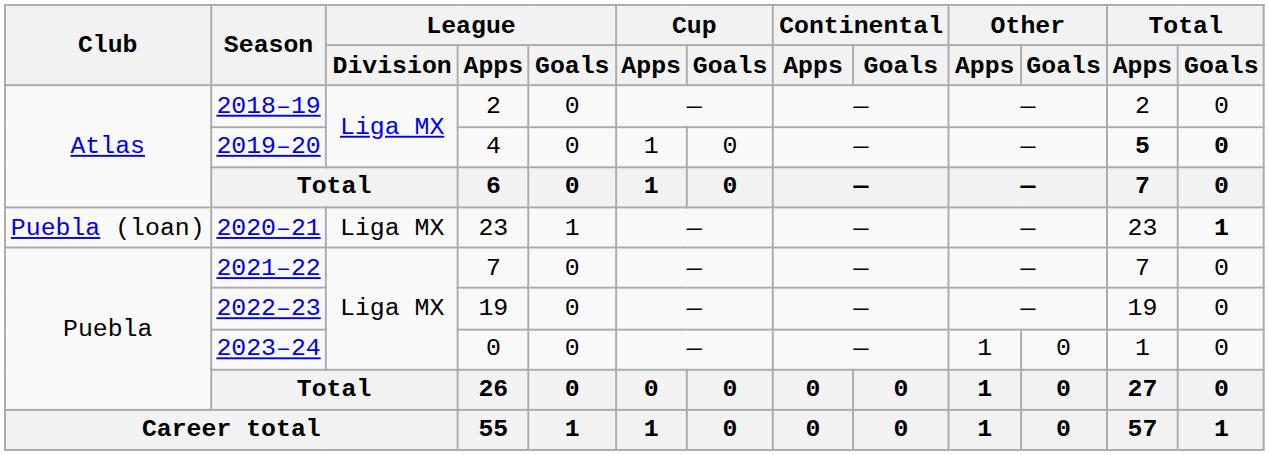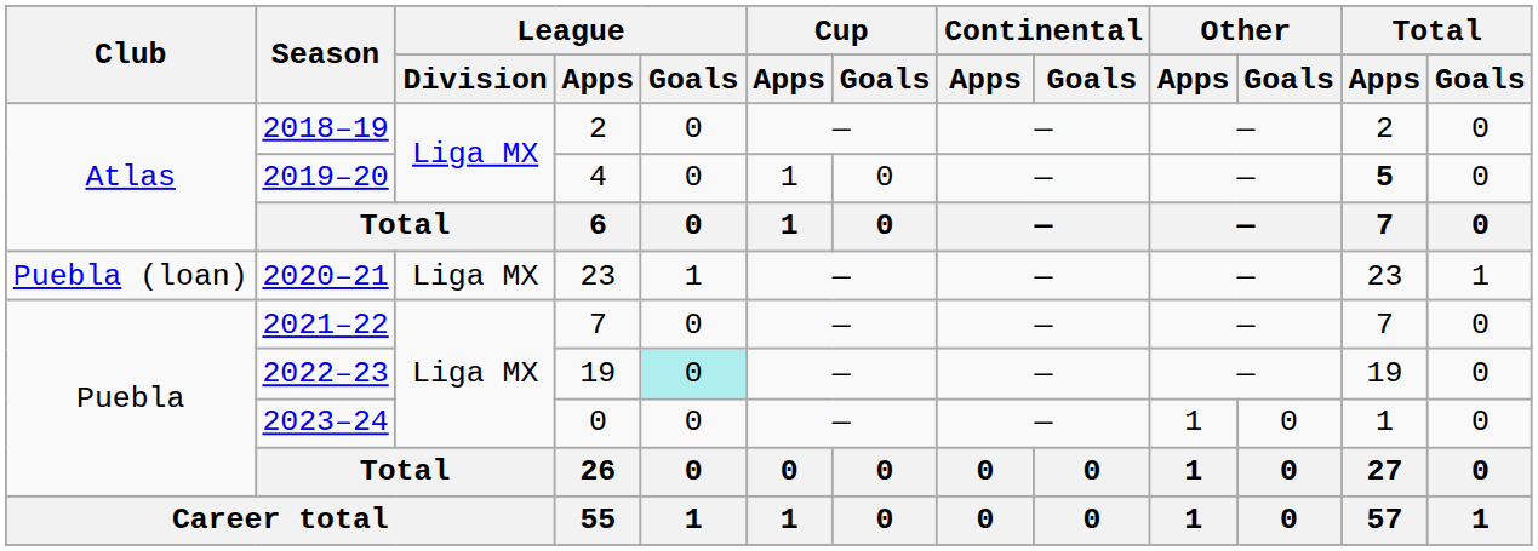 <table class="wikitable" style="text-align:center">
 <tr>
 <th rowspan="2">Club</th>
 <th rowspan="2">Season</th>
 <th colspan="3">League</th>
 <th colspan="2">Cup</th>
 <th colspan="2">Continental</th>
 <th colspan="2">Other</th>
 <th colspan="2">Total</th>
 </tr>
 <tr>
 <th>Division</th>
 <th>Apps</th>
 <th>Goals</th>
 <th>Apps</th>
 <th>Goals</th>
 <th>Apps</th>
 <th>Goals</th>
 <th>Apps</th>
 <th>Goals</th>
 <th>Apps</th>
 <th>Goals</th>
 </tr>
 <tr>
 <td rowspan="3"><a href='#'>Atlas</a></td>
 <td><a href='#'>2018–19</a></td>
 <td rowspan="2"><a href='#'>Liga MX</a></td>
 <td>2</td>
 <td>0</td>
 <td colspan="2">—</td>
 <td colspan="2">—</td>
 <td colspan="2">—</td>
 <td>2</td>
 <td>0</td>
 </tr>
 <tr>
 <td><a href='#'>2019–20</a></td>
 <td>4</td>
 <td>0</td>
 <td>1</td>
 <td>0</td>
 <td colspan="2">—</td>
 <td colspan="2">—</td>
 <td><strong>5</strong></td>
-<td><strong>0</strong></td>
+<td>0</td>
 </tr>
 <tr>
 <th colspan="2">Total</th>
 <th>6</th>
 <th>0</th>
 <th>1</th>
 <th>0</th>
 <th colspan="2">—</th>
 <th colspan="2">—</th>
 <th>7</th>
 <th>0</th>
 </tr>
 <tr>
 <td><a href='#'>Puebla</a> (loan)</td>
 <td><a href='#'>2020–21</a></td>
 <td>Liga MX</td>
 <td>23</td>
 <td>1</td>
 <td colspan="2">—</td>
 <td colspan="2">—</td>
 <td colspan="2">—</td>
 <td>23</td>
-<td><strong>1</strong></td>
+<td>1</td>
 </tr>
 <tr>
 <td rowspan="4">Puebla</td>
 <td><a href='#'>2021–22</a></td>
 <td rowspan="3">Liga MX</td>
 <td>7</td>
 <td>0</td>
 <td colspan="2">—</td>
 <td colspan="2">—</td>
 <td colspan="2">—</td>
 <td>7</td>
 <td>0</td>
 </tr>
 <tr>
 <td><a href='#'>2022–23</a></td>
 <td>19</td>
-<td>0</td>
+<td style="background: paleturquoise;">0</td>
 <td colspan="2">—</td>
 <td colspan="2">—</td>
 <td colspan="2">—</td>
 <td>19</td>
 <td>0</td>
 </tr>
 <tr>
 <td><a href='#'>2023–24</a></td>
 <td>0</td>
 <td>0</td>
 <td colspan="2">—</td>
 <td colspan="2">—</td>
 <td>1</td>
 <td>0</td>
 <td>1</td>
 <td>0</td>
 </tr>
 <tr>
 <th colspan="2">Total</th>
 <th>26</th>
 <th>0</th>
 <th>0</th>
 <th>0</th>
 <th>0</th>
 <th>0</th>
 <th>1</th>
 <th>0</th>
 <th>27</th>
 <th>0</th>
 </tr>
 <tr>
 <th colspan="3">Career total</th>
 <th>55</th>
 <th>1</th>
 <th>1</th>
 <th>0</th>
 <th>0</th>
 <th>0</th>
 <th>1</th>
 <th>0</th>
 <th>57</th>
 <th>1</th>
 </tr>
 </table>
